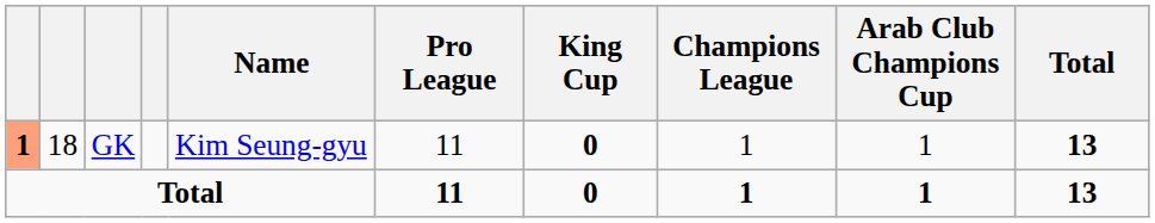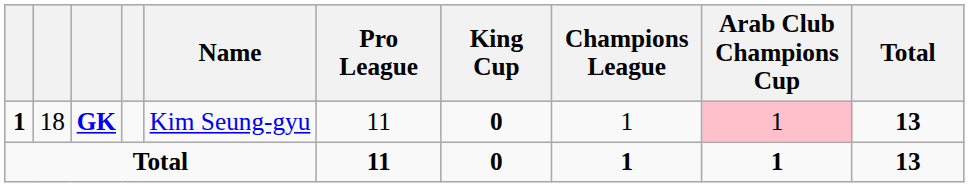 <table class="wikitable" style="text-align:center">
 <tr>
 <th width=15></th>
 <th width=15></th>
 <th width=15></th>
 <th width=15></th>
 <th width=175>Name</th>
 <th width=100>Pro League</th>
 <th width=100>King Cup</th>
 <th width=100>Champions League</th>
 <th width=100>Arab Club Champions Cup</th>
 <th width=100>Total</th>
 </tr>
 <tr>
-<td style="background: lightsalmon;"><strong>1</strong></td>
+<td><strong>1</strong></td>
 <td>18</td>
-<td><a href='#'>GK</a></td>
+<td><strong><a href='#'>GK</a></strong></td>
 <td></td>
 <td align=left><a href='#'>Kim Seung-gyu</a></td>
 <td>11</td>
 <td><strong>0</strong></td>
 <td>1</td>
-<td>1</td>
+<td style="background: pink;">1</td>
 <td><strong>13</strong></td>
 </tr>
 <tr>
 <td colspan=5><strong>Total</strong></td>
 <td><strong>11</strong></td>
 <td><strong>0</strong></td>
 <td><strong>1</strong></td>
 <td><strong>1</strong></td>
 <td><strong>13</strong></td>
 </tr>
 </table>
